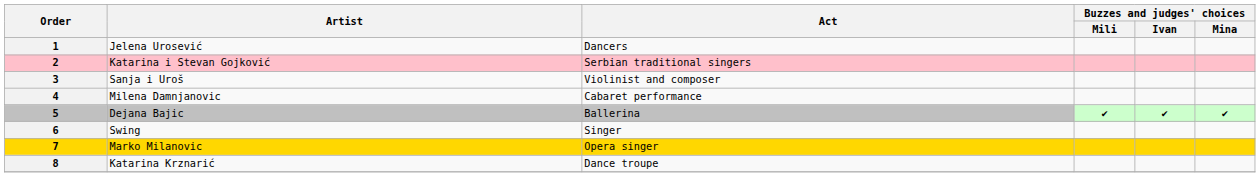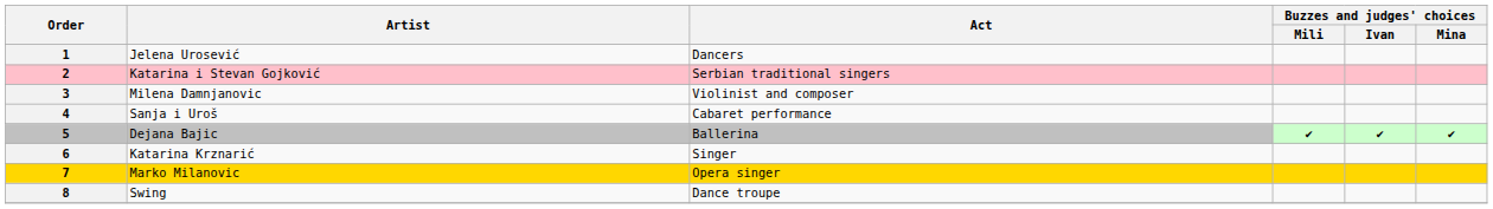 <table class="wikitable" style="width:100%;">
 <tr>
 <th rowspan=2>Order</th>
 <th rowspan=2>Artist</th>
 <th rowspan=2>Act</th>
 <th colspan=3>Buzzes and judges' choices</th>
 </tr>
 <tr>
 <th width="70">Mili</th>
 <th width="70">Ivan</th>
 <th width="70">Mina</th>
 </tr>
 <tr>
 <th>1</th>
 <td>Jelena Urosević</td>
 <td>Dancers</td>
 <td></td>
 <td></td>
 <td></td>
 </tr>
 <tr>
 <th style="background:pink;">2</th>
 <td style="background:pink;">Katarina i Stevan Gojković</td>
 <td style="background:pink;">Serbian traditional singers</td>
 <td style="background:pink;"></td>
 <td style="background:pink;"></td>
 <td style="background:pink;"></td>
 </tr>
 <tr>
 <th>3</th>
-<td>Sanja i Uroš</td>
+<td>Milena Damnjanovic</td>
 <td>Violinist and composer</td>
 <td></td>
 <td></td>
 <td></td>
 </tr>
 <tr>
 <th>4</th>
-<td>Milena Damnjanovic</td>
+<td>Sanja i Uroš</td>
 <td>Cabaret performance</td>
 <td></td>
 <td></td>
 <td></td>
 </tr>
 <tr>
 <th style="background:silver;">5</th>
 <td style="background:silver;">Dejana Bajic</td>
 <td style="background:silver;">Ballerina</td>
 <td style="background:#cfc; text-align:center;">✔</td>
 <td style="background:#cfc; text-align:center;">✔</td>
 <td style="background:#cfc; text-align:center;">✔</td>
 </tr>
 <tr>
 <th>6</th>
-<td>Swing</td>
+<td>Katarina Krznarić</td>
 <td>Singer</td>
 <td></td>
 <td></td>
 <td></td>
 </tr>
 <tr>
 <th style="background:gold;">7</th>
 <td style="background:gold;">Marko Milanovic</td>
 <td style="background:gold;">Opera singer</td>
 <td style="background:gold;"></td>
 <td style="background:gold;"></td>
 <td style="background:gold;"></td>
 </tr>
 <tr>
 <th>8</th>
-<td>Katarina Krznarić</td>
+<td>Swing</td>
 <td>Dance troupe</td>
 <td></td>
 <td></td>
 <td></td>
 </tr>
 <tr>
 </tr>
 </table>
